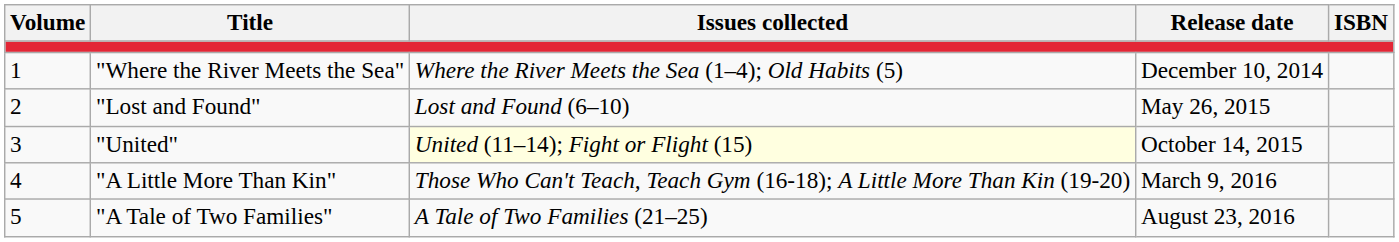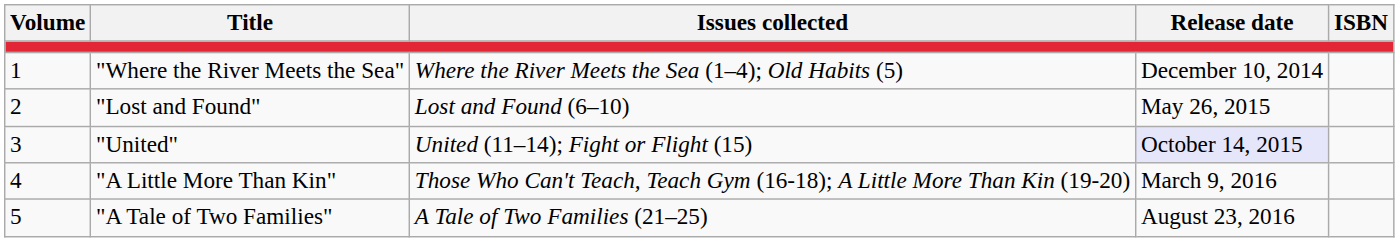 <table class="wikitable">
 <tr>
 <th>Volume</th>
 <th>Title</th>
 <th>Issues collected</th>
 <th>Release date</th>
 <th>ISBN</th>
 </tr>
 <tr>
 <td colspan="6" style="background:#e32636;"></td>
 </tr>
 <tr>
 <td>1</td>
 <td>"Where the River Meets the Sea"</td>
 <td><em>Where the River Meets the Sea</em> (1–4); <em>Old Habits</em> (5)</td>
 <td>December 10, 2014</td>
 <td></td>
 </tr>
 <tr>
 <td>2</td>
 <td>"Lost and Found"</td>
 <td><em>Lost and Found</em> (6–10)</td>
 <td>May 26, 2015</td>
 <td></td>
 </tr>
 <tr>
 <td>3</td>
 <td>"United"</td>
-<td style="background: lightyellow;"><em>United</em> (11–14); <em>Fight or Flight</em> (15)</td>
-<td>October 14, 2015</td>
+<td><em>United</em> (11–14); <em>Fight or Flight</em> (15)</td>
+<td style="background: lavender;">October 14, 2015</td>
 <td></td>
 </tr>
 <tr>
 <td>4</td>
 <td>"A Little More Than Kin"</td>
 <td><em>Those Who Can't Teach, Teach Gym</em> (16-18); <em>A Little More Than Kin</em> (19-20)</td>
 <td>March 9, 2016</td>
 <td></td>
 </tr>
 <tr>
 <td>5</td>
 <td>"A Tale of Two Families"</td>
 <td><em>A Tale of Two Families</em> (21–25)</td>
 <td>August 23, 2016</td>
 <td></td>
 </tr>
 </table>
